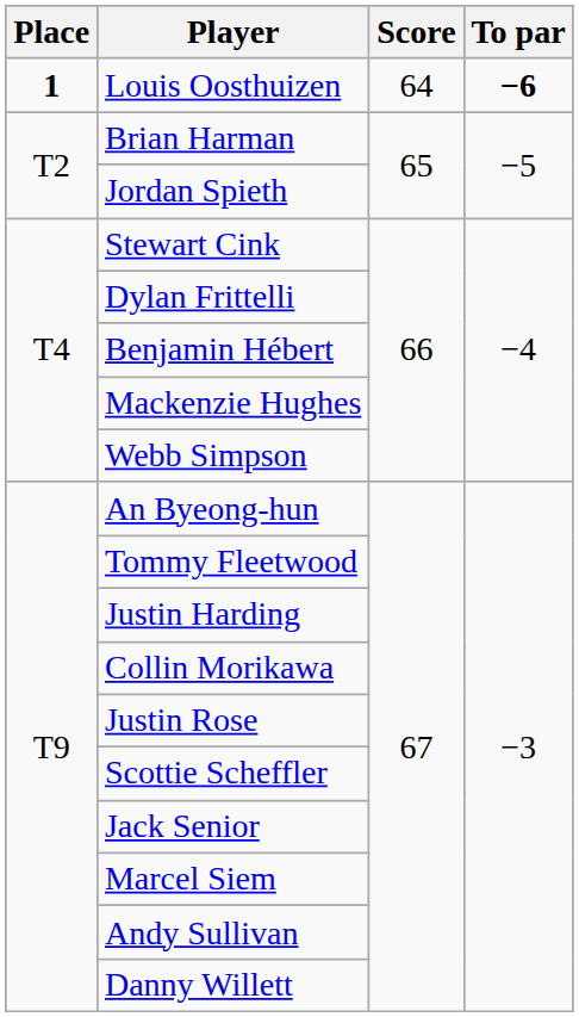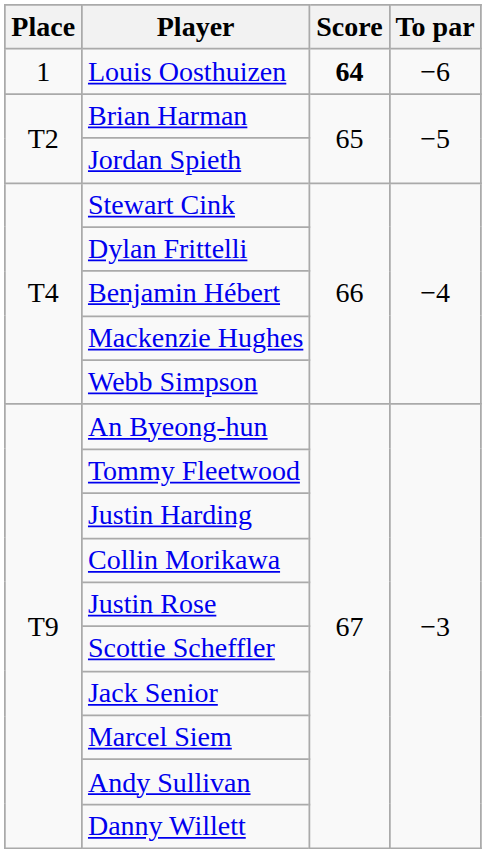 <table class="wikitable">
 <tr>
 <th>Place</th>
 <th>Player</th>
 <th>Score</th>
 <th>To par</th>
 </tr>
 <tr>
-<td align=center><strong>1</strong></td>
+<td align=center>1</td>
 <td> <a href='#'>Louis Oosthuizen</a></td>
-<td align=center>64</td>
-<td align=center><strong>−6</strong></td>
+<td align=center><strong>64</strong></td>
+<td align=center>−6</td>
 </tr>
 <tr>
 <td align=center rowspan=2>T2</td>
 <td> <a href='#'>Brian Harman</a></td>
 <td align=center rowspan=2>65</td>
 <td align=center rowspan=2>−5</td>
 </tr>
 <tr>
 <td> <a href='#'>Jordan Spieth</a></td>
 </tr>
 <tr>
 <td align=center rowspan=5>T4</td>
 <td> <a href='#'>Stewart Cink</a></td>
 <td align=center rowspan=5>66</td>
 <td align=center rowspan=5>−4</td>
 </tr>
 <tr>
 <td> <a href='#'>Dylan Frittelli</a></td>
 </tr>
 <tr>
 <td> <a href='#'>Benjamin Hébert</a></td>
 </tr>
 <tr>
 <td> <a href='#'>Mackenzie Hughes</a></td>
 </tr>
 <tr>
 <td> <a href='#'>Webb Simpson</a></td>
 </tr>
 <tr>
 <td align=center rowspan=10>T9</td>
 <td> <a href='#'>An Byeong-hun</a></td>
 <td align=center rowspan=10>67</td>
 <td align=center rowspan=10>−3</td>
 </tr>
 <tr>
 <td> <a href='#'>Tommy Fleetwood</a></td>
 </tr>
 <tr>
 <td> <a href='#'>Justin Harding</a></td>
 </tr>
 <tr>
 <td> <a href='#'>Collin Morikawa</a></td>
 </tr>
 <tr>
 <td> <a href='#'>Justin Rose</a></td>
 </tr>
 <tr>
 <td> <a href='#'>Scottie Scheffler</a></td>
 </tr>
 <tr>
 <td> <a href='#'>Jack Senior</a></td>
 </tr>
 <tr>
 <td> <a href='#'>Marcel Siem</a></td>
 </tr>
 <tr>
 <td> <a href='#'>Andy Sullivan</a></td>
 </tr>
 <tr>
 <td> <a href='#'>Danny Willett</a></td>
 </tr>
 </table>
